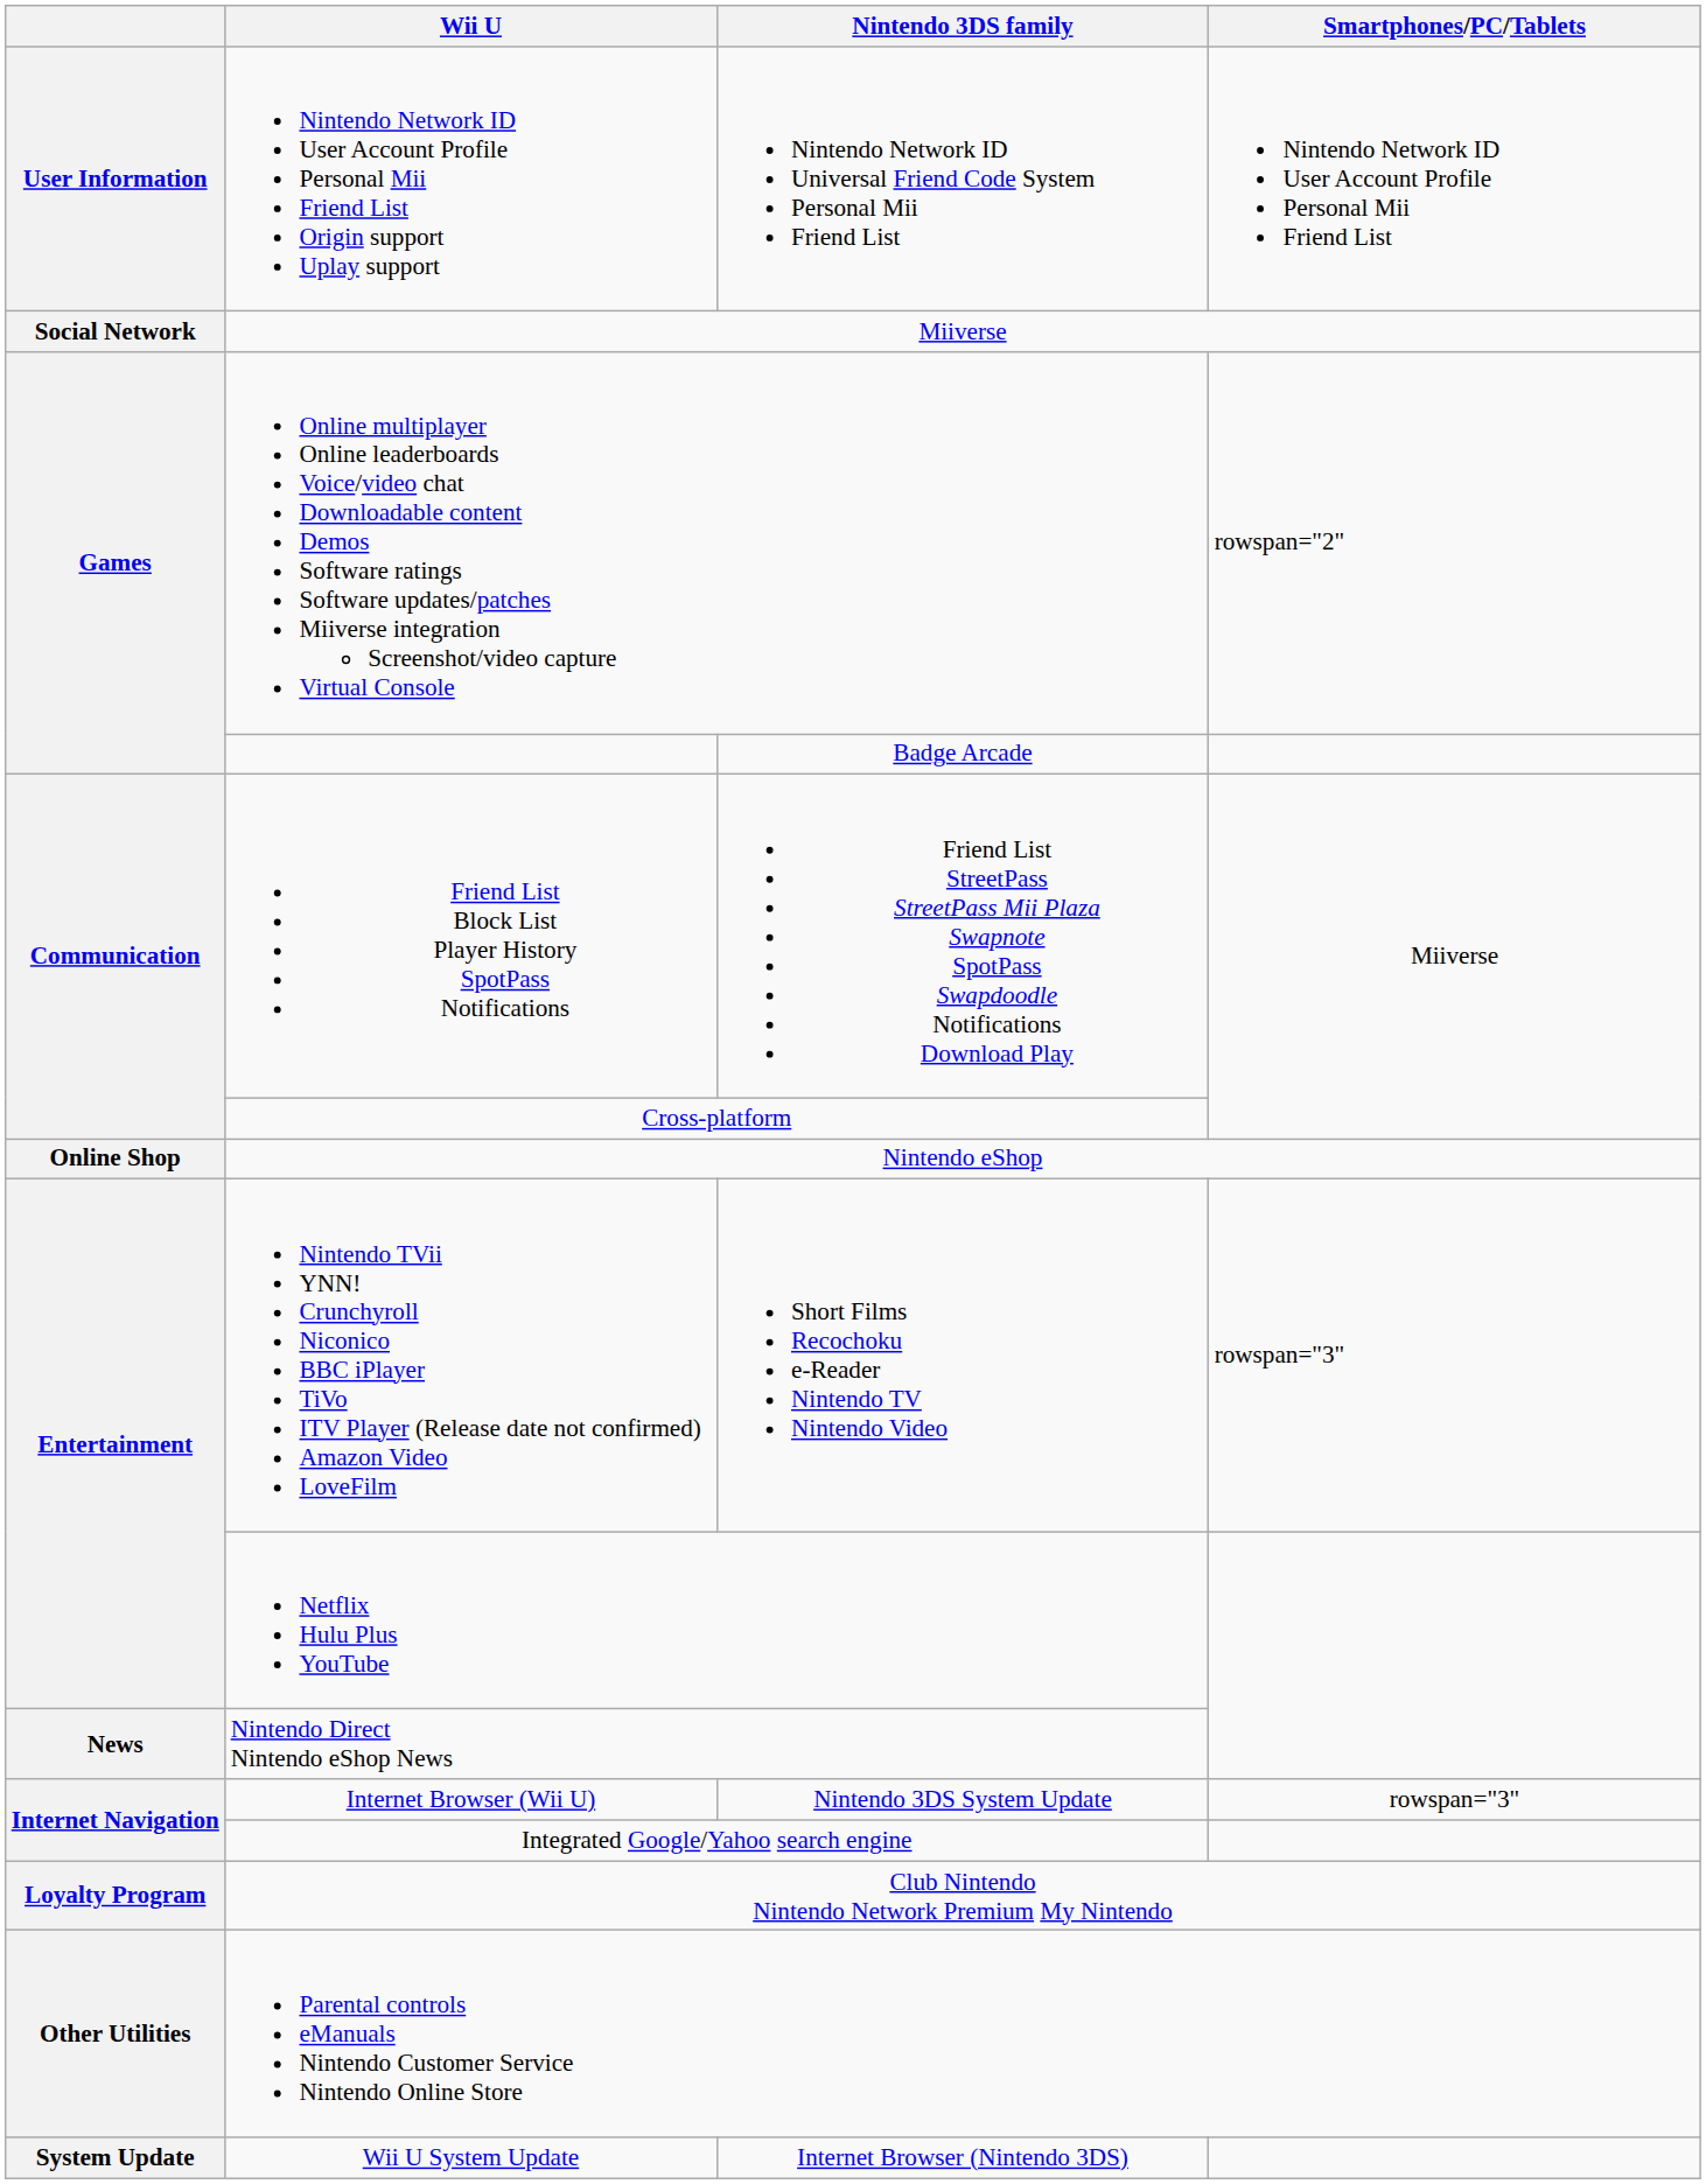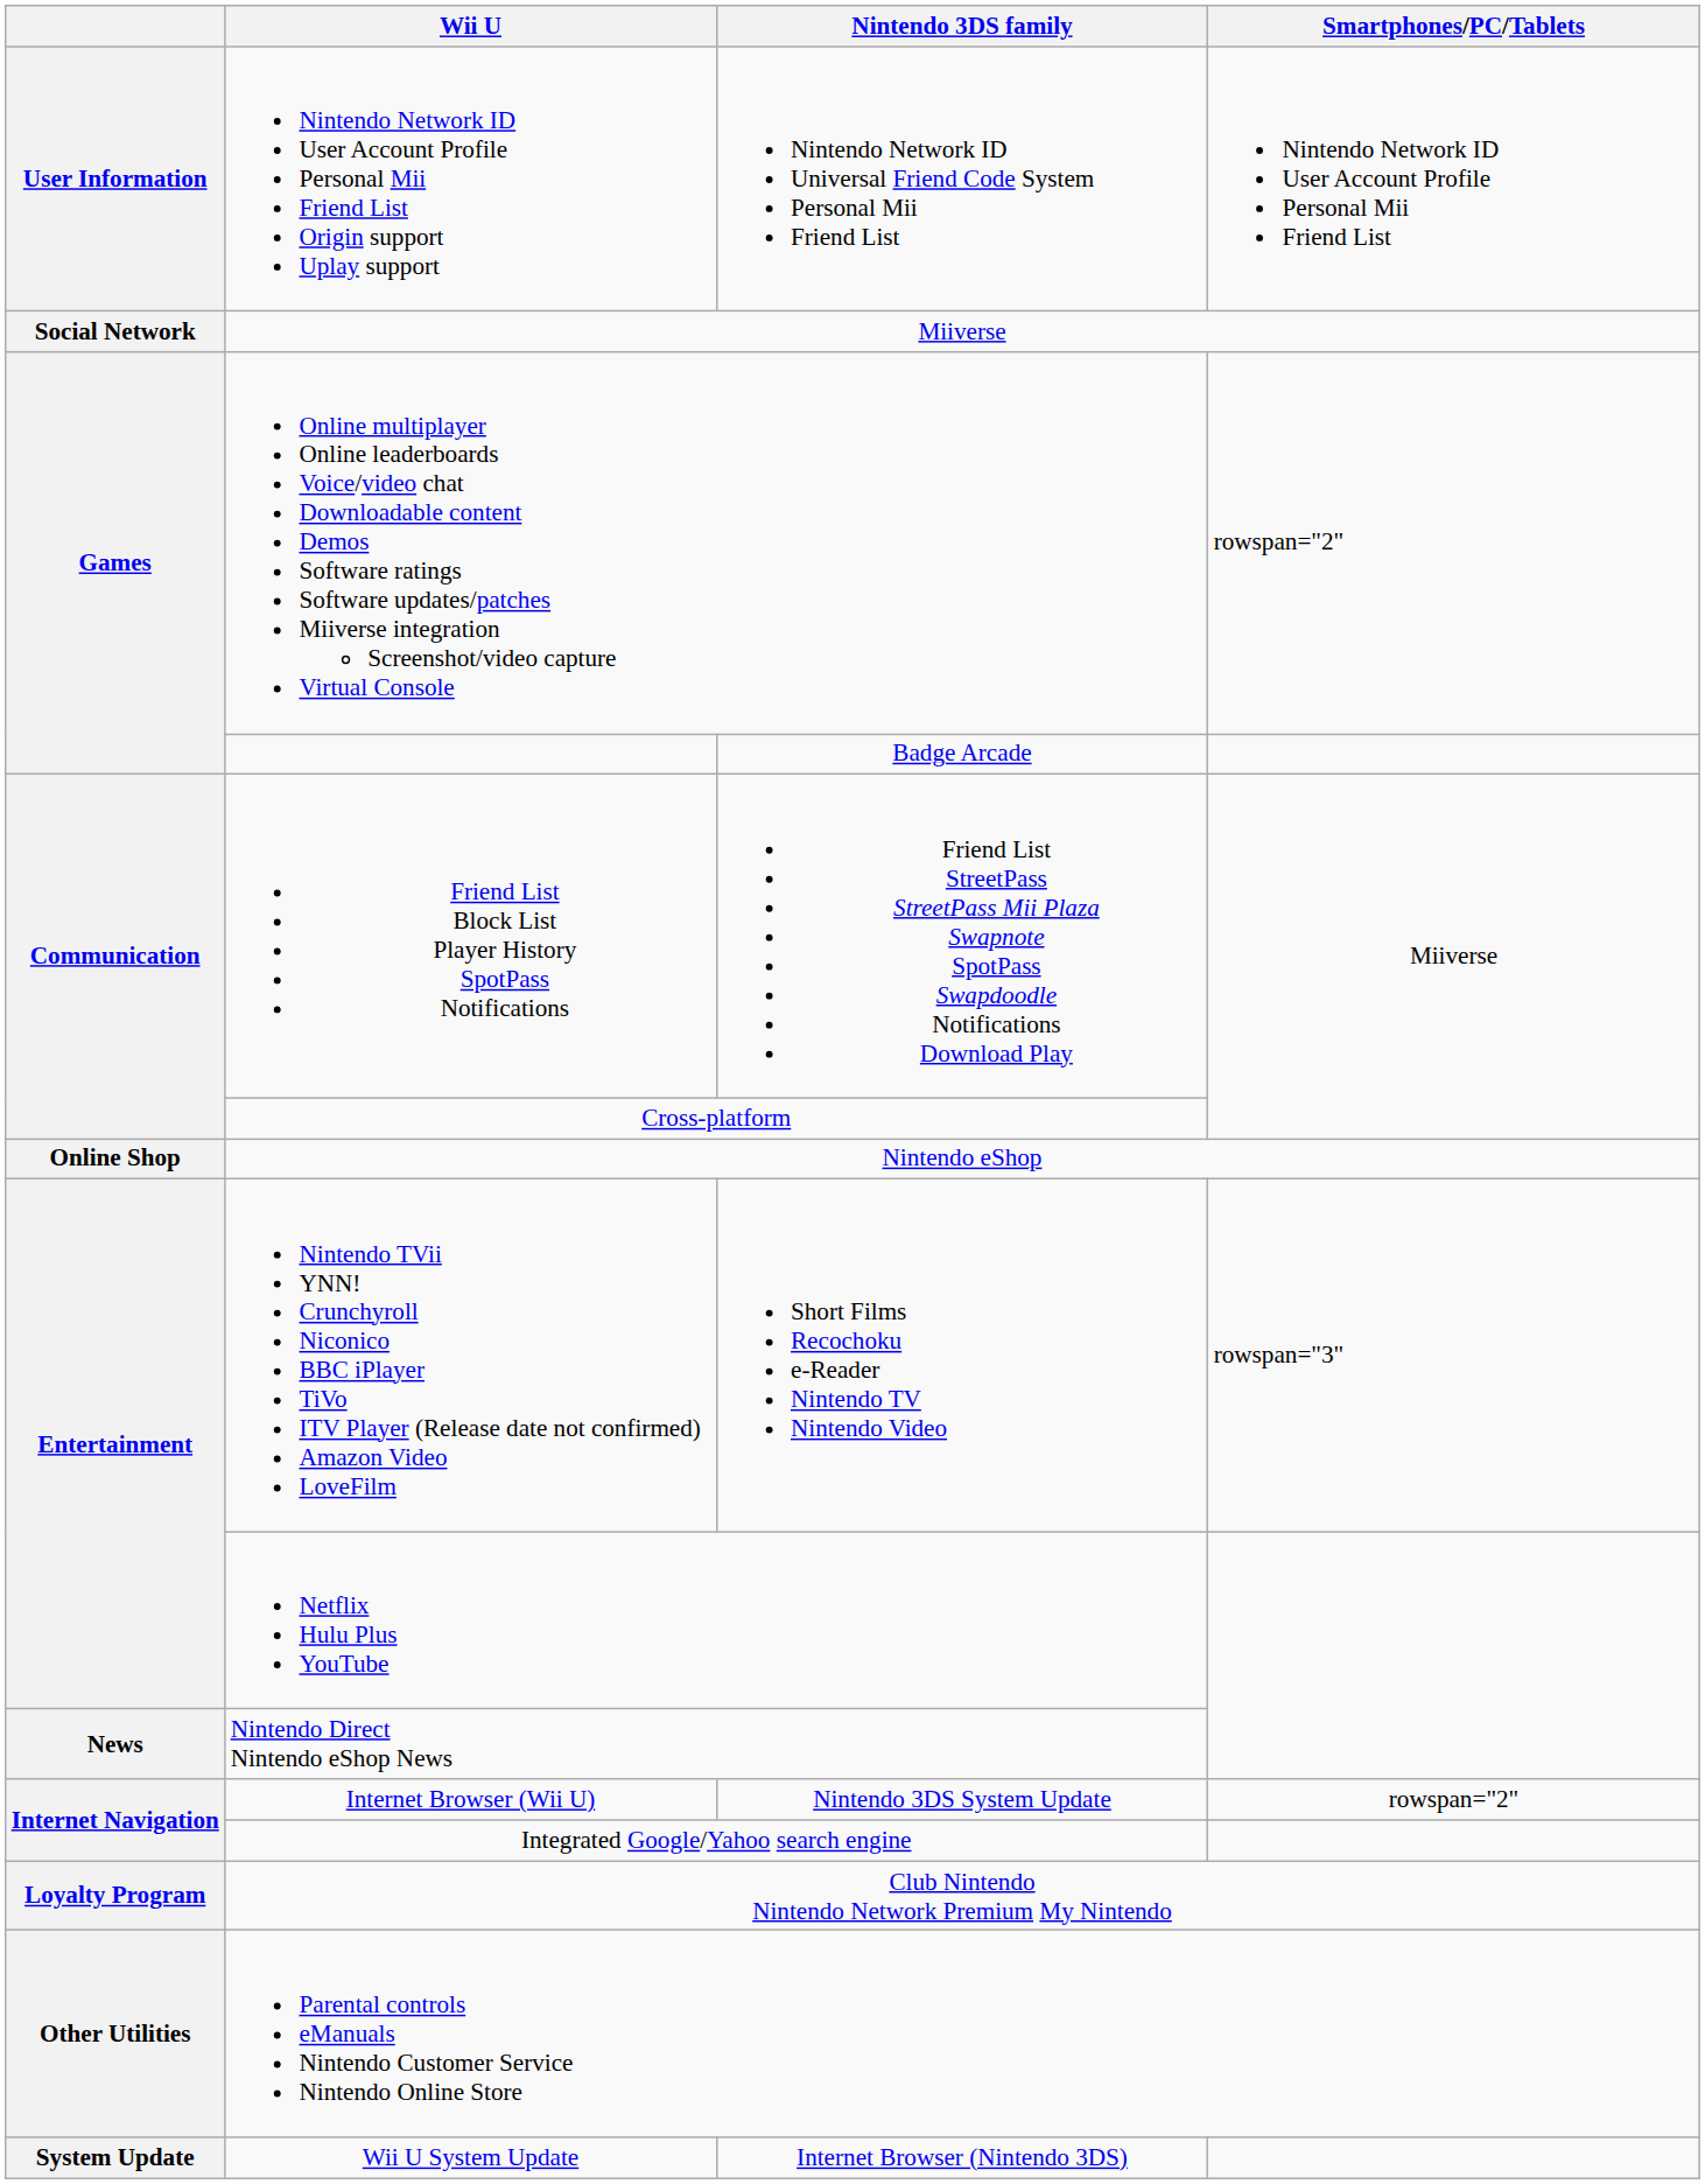 <table class="wikitable" style="font-size: 90%;">
 <tr>
 <th></th>
 <th style="width:280px;"><a href='#'>Wii U</a></th>
 <th style="width:280px;"><a href='#'>Nintendo 3DS family</a></th>
 <th style="width:280px;"><a href='#'>Smartphones</a>/<a href='#'>PC</a>/<a href='#'>Tablets</a></th>
 </tr>
 <tr>
 <th><a href='#'>User Information</a></th>
 <td><br><ul><li><a href='#'>Nintendo Network ID</a> </li><li>User Account Profile </li><li>Personal <a href='#'>Mii</a> </li><li><a href='#'>Friend List</a> </li><li><a href='#'>Origin</a> support </li><li><a href='#'>Uplay</a> support </li></ul></td>
 <td><br><ul><li>Nintendo Network ID </li><li>Universal <a href='#'>Friend Code</a> System </li><li>Personal Mii </li><li>Friend List </li></ul></td>
 <td><br><ul><li>Nintendo Network ID</li><li>User Account Profile</li><li>Personal Mii </li><li>Friend List </li></ul></td>
 </tr>
 <tr style="text-align: center;">
 <th>Social Network</th>
 <td colspan="3"><a href='#'>Miiverse</a></td>
 </tr>
 <tr>
 <th rowspan="2"><a href='#'>Games</a></th>
 <td colspan="2"><br><ul><li><a href='#'>Online multiplayer</a> </li><li>Online leaderboards</li><li><a href='#'>Voice</a>/<a href='#'>video</a> chat </li><li><a href='#'>Downloadable content</a></li><li><a href='#'>Demos</a> </li><li>Software ratings </li><li>Software updates/<a href='#'>patches</a></li><li>Miiverse integration <ul><li>Screenshot/video capture</li></ul></li><li><a href='#'>Virtual Console</a></li></ul></td>
 <td>rowspan="2" </td>
 </tr>
 <tr>
 <td></td>
 <td style="text-align: center;"><a href='#'>Badge Arcade</a><br></td>
 </tr>
 <tr style="text-align: center;">
 <th rowspan="2"><a href='#'>Communication</a></th>
 <td><br><ul><li><a href='#'>Friend List</a> </li><li>Block List</li><li>Player History </li><li><a href='#'>SpotPass</a></li><li>Notifications</li></ul></td>
 <td><br><ul><li>Friend List </li><li><a href='#'>StreetPass</a></li><li><em><a href='#'>StreetPass Mii Plaza</a></em><br></li><li><em><a href='#'>Swapnote</a></em> </li><li><a href='#'>SpotPass</a></li><li><em><a href='#'>Swapdoodle</a></em></li><li>Notifications</li><li><a href='#'>Download Play</a></li></ul></td>
 <td rowspan="2">Miiverse</td>
 </tr>
 <tr style="text-align: center;">
 <td colspan="2"><a href='#'>Cross-platform</a></td>
 </tr>
 <tr style="text-align: center;">
 <th>Online Shop</th>
 <td colspan="3"><a href='#'>Nintendo eShop</a></td>
 </tr>
 <tr>
 <th rowspan="2"><a href='#'>Entertainment</a></th>
 <td><br><ul><li><a href='#'>Nintendo TVii</a></li><li>YNN! </li><li><a href='#'>Crunchyroll</a> </li><li><a href='#'>Niconico</a> </li><li><a href='#'>BBC iPlayer</a> </li><li><a href='#'>TiVo</a> </li><li><a href='#'>ITV Player</a>   (Release date not confirmed)</li><li><a href='#'>Amazon Video</a> </li><li><a href='#'>LoveFilm</a> </li></ul></td>
 <td><br><ul><li>Short Films</li><li><a href='#'>Recochoku</a> </li><li>e-Reader </li><li><a href='#'>Nintendo TV</a> </li><li><a href='#'>Nintendo Video</a> </li></ul></td>
 <td>rowspan="3" </td>
 </tr>
 <tr>
 <td colspan="2"><br><ul><li><a href='#'>Netflix</a> </li><li><a href='#'>Hulu Plus</a> </li><li><a href='#'>YouTube</a> </li></ul></td>
 </tr>
 <tr>
 <th>News</th>
 <td colspan="2"><a href='#'>Nintendo Direct</a><br>Nintendo eShop News</td>
 </tr>
 <tr style="text-align: center;">
 <th rowspan="2"><a href='#'>Internet Navigation</a></th>
 <td><a href='#'>Internet Browser (Wii U)</a><br></td>
 <td><a href='#'>Nintendo 3DS System Update</a></td>
-<td>rowspan="3" </td>
+<td>rowspan="2" </td>
 </tr>
 <tr style="text-align: center;">
 <td colspan="2">Integrated <a href='#'>Google</a>/<a href='#'>Yahoo</a> <a href='#'>search engine</a></td>
 </tr>
 <tr style="text-align: center;">
 <th><a href='#'>Loyalty Program</a></th>
 <td colspan="3"><a href='#'>Club Nintendo</a><br><a href='#'>Nintendo Network Premium</a> <a href='#'>My Nintendo</a></td>
 </tr>
 <tr>
 <th>Other Utilities</th>
 <td colspan="3"><br><ul><li><a href='#'>Parental controls</a></li><li><a href='#'>eManuals</a></li><li>Nintendo Customer Service </li><li>Nintendo Online Store </li></ul></td>
 </tr>
 <tr style="text-align: center;">
 <th>System Update</th>
 <td><a href='#'>Wii U System Update</a></td>
 <td><a href='#'>Internet Browser (Nintendo 3DS)</a><br></td>
 <td></td>
 </tr>
 </table>
